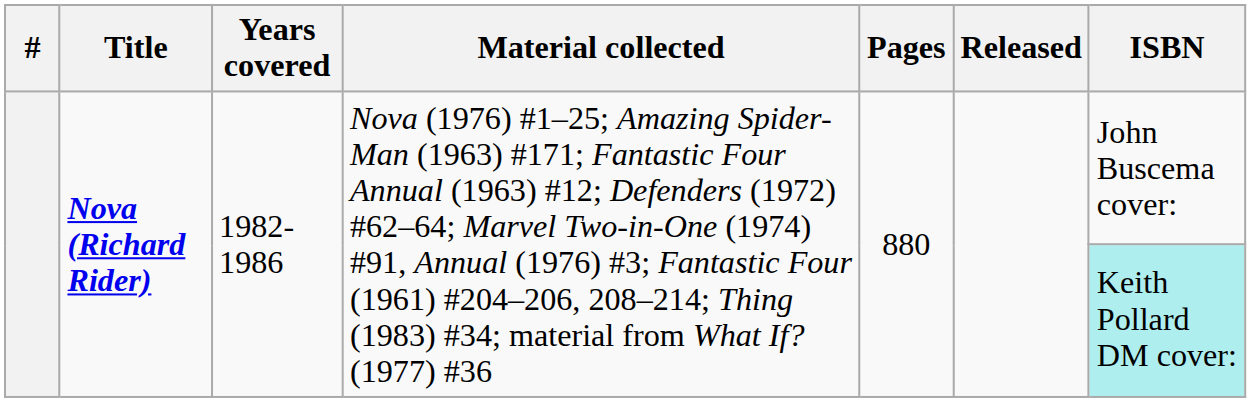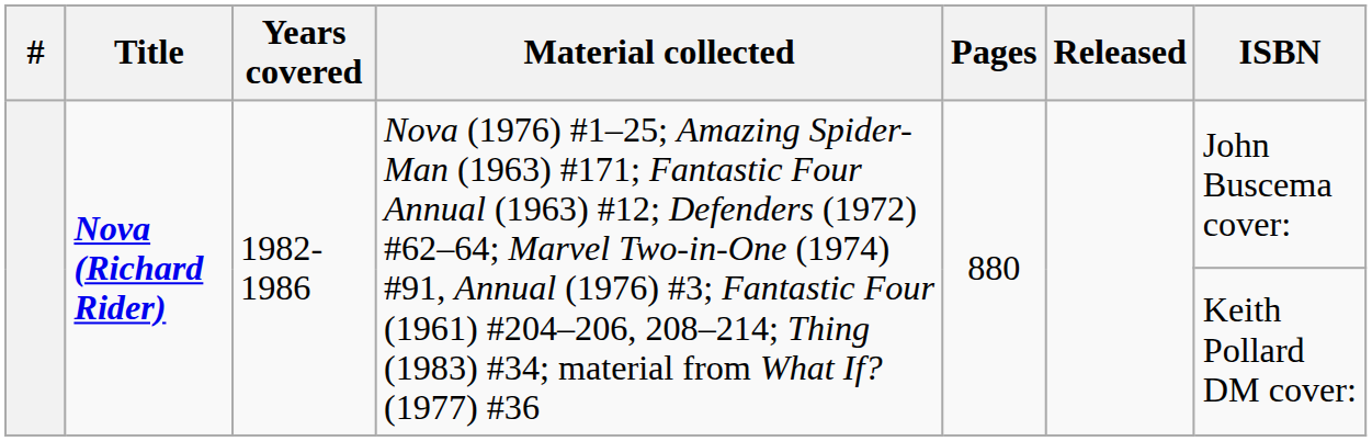 <table class="wikitable sortable" width="99%">
 <tr>
 <th class="unsortable" width="20px">#</th>
 <th>Title</th>
 <th>Years covered</th>
 <th class="unsortable">Material collected</th>
 <th>Pages</th>
 <th>Released</th>
 <th class="unsortable">ISBN</th>
 </tr>
 <tr>
 <th rowspan="2" style="background-color: light grey;"></th>
 <td rowspan="2"><strong><em><a href='#'>Nova (Richard Rider)</a></em></strong></td>
 <td rowspan="2"> 1982-1986</td>
 <td rowspan="2"><em>Nova</em> (1976) #1–25; <em>Amazing Spider-Man</em> (1963) #171; <em>Fantastic Four Annual</em> (1963) #12; <em>Defenders</em> (1972) #62–64; <em>Marvel Two-in-One</em> (1974) #91, <em>Annual</em> (1976) #3; <em>Fantastic Four</em> (1961) #204–206, 208–214; <em>Thing</em> (1983) #34; material from <em>What If?</em> (1977) #36</td>
 <td rowspan="2" style="text-align: center;">880</td>
 <td rowspan="2"></td>
 <td>John Buscema cover: </td>
 </tr>
 <tr>
-<td style="background: paleturquoise;">Keith Pollard DM cover: </td>
+<td>Keith Pollard DM cover: </td>
 </tr>
 </table>
